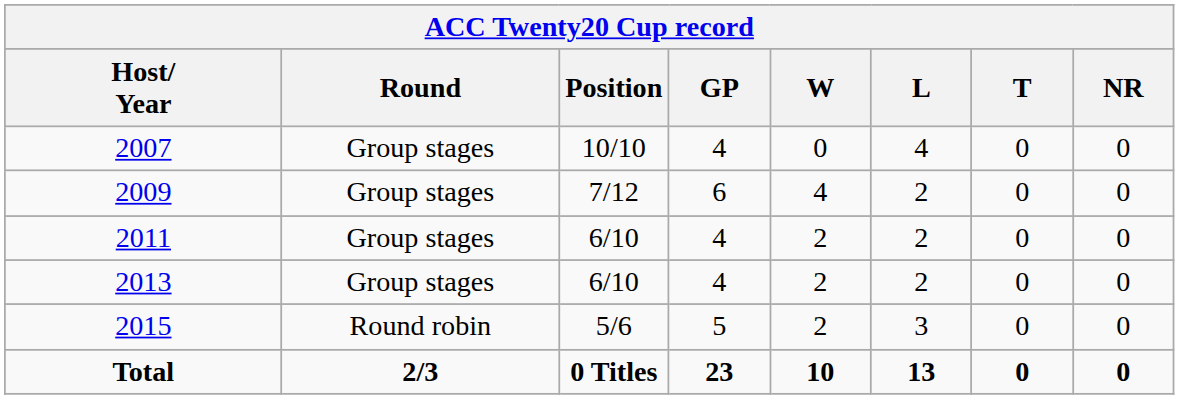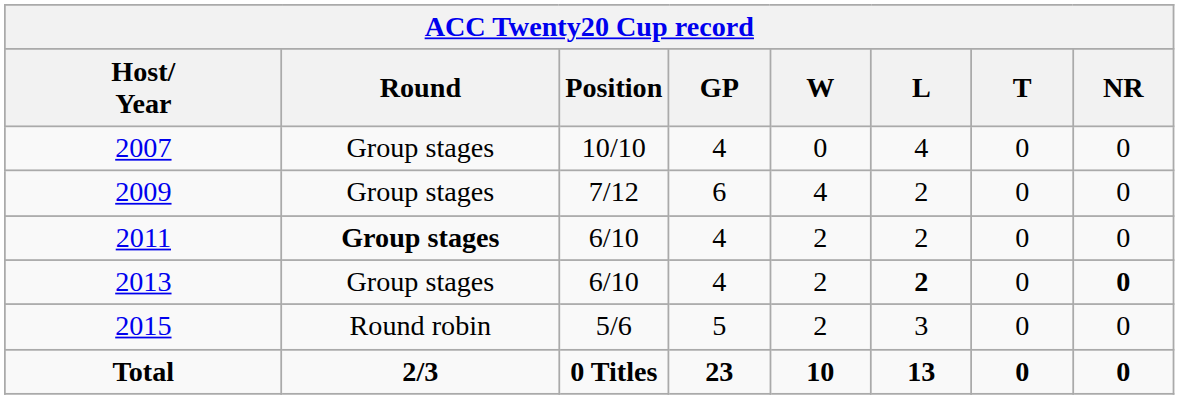 <table class="wikitable" style="text-align: center;">
 <tr>
 <th colspan=8><a href='#'>ACC Twenty20 Cup record</a></th>
 </tr>
 <tr>
 <th width=150>Host/<br>Year</th>
 <th width=150>Round</th>
 <th width=50>Position</th>
 <th width=50>GP</th>
 <th width=50>W</th>
 <th width=50>L</th>
 <th width=50>T</th>
 <th width=50>NR</th>
 </tr>
 <tr>
 <td> <a href='#'>2007</a></td>
 <td>Group stages</td>
 <td>10/10</td>
 <td>4</td>
 <td>0</td>
 <td>4</td>
 <td>0</td>
 <td>0</td>
 </tr>
 <tr>
 <td> <a href='#'>2009</a></td>
 <td>Group stages</td>
 <td>7/12</td>
 <td>6</td>
 <td>4</td>
 <td>2</td>
 <td>0</td>
 <td>0</td>
 </tr>
 <tr>
 <td> <a href='#'>2011</a></td>
-<td>Group stages</td>
+<td><strong>Group stages</strong></td>
 <td>6/10</td>
 <td>4</td>
 <td>2</td>
 <td>2</td>
 <td>0</td>
 <td>0</td>
 </tr>
 <tr>
 <td> <a href='#'>2013</a></td>
 <td>Group stages</td>
 <td>6/10</td>
 <td>4</td>
 <td>2</td>
-<td>2</td>
+<td><strong>2</strong></td>
 <td>0</td>
-<td>0</td>
+<td><strong>0</strong></td>
 </tr>
 <tr>
 <td> <a href='#'>2015</a></td>
 <td>Round robin</td>
 <td>5/6</td>
 <td>5</td>
 <td>2</td>
 <td>3</td>
 <td>0</td>
 <td>0</td>
 </tr>
 <tr>
 <td><strong>Total</strong></td>
 <td><strong>2/3</strong></td>
 <td><strong>0 Titles</strong></td>
 <td><strong>23</strong></td>
 <td><strong>10</strong></td>
 <td><strong>13</strong></td>
 <td><strong>0</strong></td>
 <td><strong>0</strong></td>
 </tr>
 </table>
